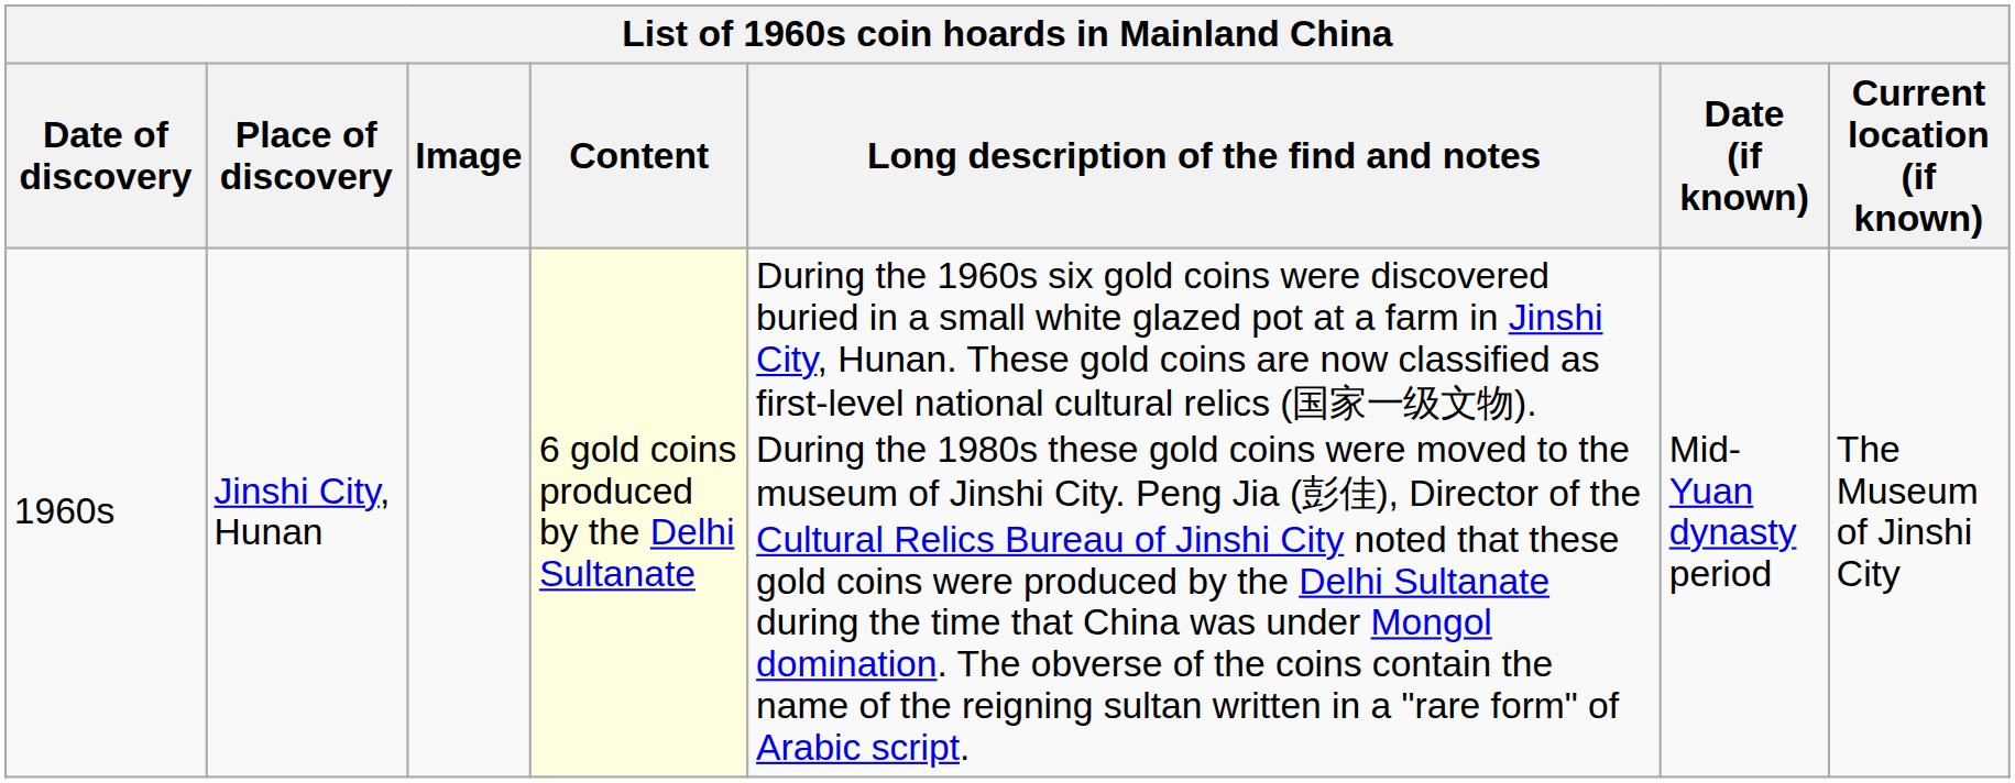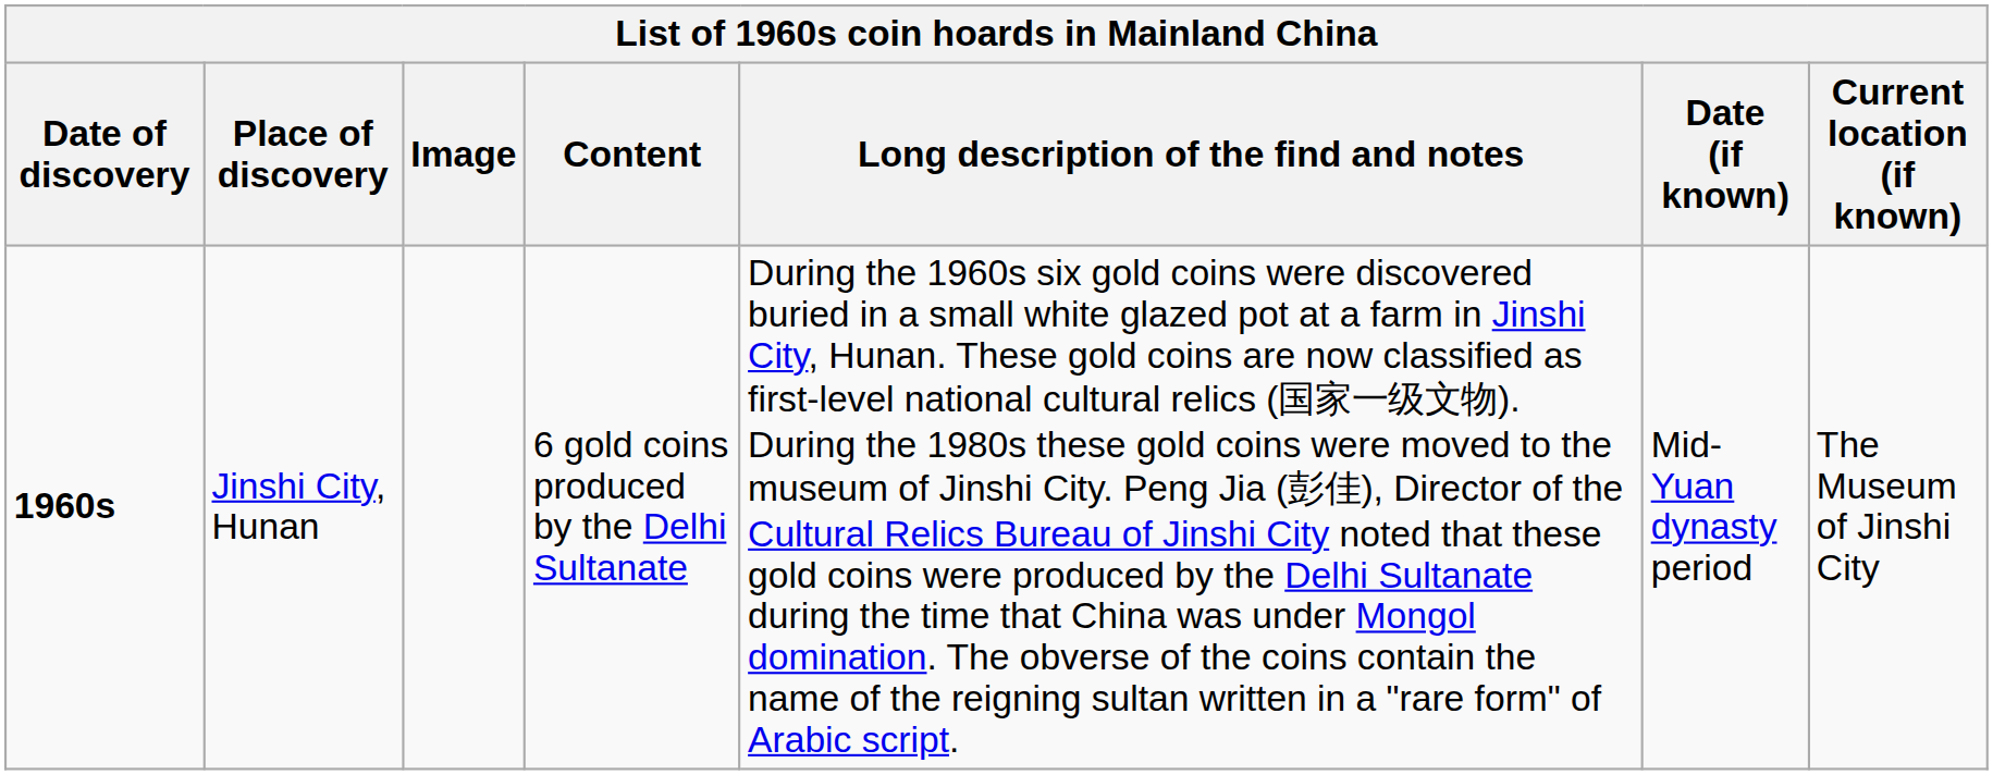 <table class="wikitable" style="font-size: 100%">
 <tr>
 <th colspan=7>List of 1960s coin hoards in Mainland China</th>
 </tr>
 <tr>
 <th>Date of discovery</th>
 <th>Place of discovery</th>
 <th>Image</th>
 <th>Content</th>
 <th>Long description of the find and notes</th>
 <th>Date<br>(if known)</th>
 <th>Current location<br>(if known)</th>
 </tr>
 <tr>
-<td>1960s</td>
+<td><strong>1960s</strong></td>
 <td><a href='#'>Jinshi City</a>, Hunan</td>
 <td></td>
-<td style="background: lightyellow;">6 gold coins produced by the <a href='#'>Delhi Sultanate</a></td>
+<td>6 gold coins produced by the <a href='#'>Delhi Sultanate</a></td>
 <td>During the 1960s six gold coins were discovered buried in a small white glazed pot at a farm in <a href='#'>Jinshi City</a>, Hunan. These gold coins are now classified as first-level national cultural relics (国家一级文物). During the 1980s these gold coins were moved to the museum of Jinshi City. Peng Jia (彭佳), Director of the <a href='#'>Cultural Relics Bureau of Jinshi City</a> noted that these gold coins were produced by the <a href='#'>Delhi Sultanate</a> during the time that China was under <a href='#'>Mongol domination</a>. The obverse of the coins contain the name of the reigning sultan written in a "rare form" of <a href='#'>Arabic script</a>.</td>
 <td>Mid-<a href='#'>Yuan dynasty</a> period</td>
 <td>The Museum of Jinshi City</td>
 </tr>
 </table>
